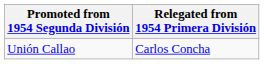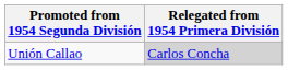 <table class="wikitable">
 <tr>
 <th>Promoted from<br><a href='#'>1954 Segunda División</a></th>
 <th>Relegated from<br><a href='#'>1954 Primera División</a></th>
 </tr>
 <tr>
 <td> <a href='#'>Unión Callao</a> </td>
-<td> <a href='#'>Carlos Concha</a> </td>
+<td style="background: lightgrey;"> <a href='#'>Carlos Concha</a> </td>
 </tr>
 </table>
